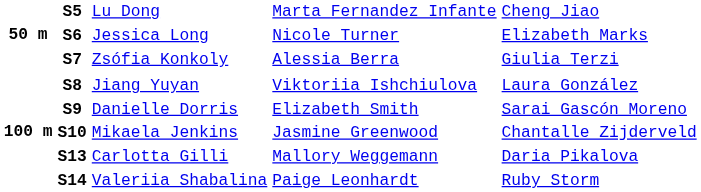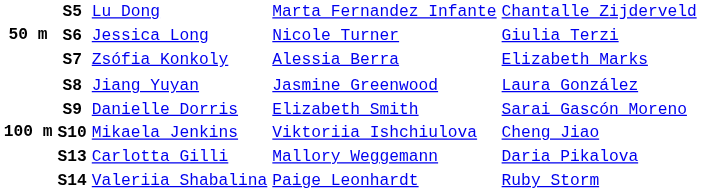 <table>
 <tr>
 <th rowspan="4">50 m</th>
 </tr>
 <tr>
 <th>S5</th>
 <td> <a href='#'>Lu Dong</a></td>
 <td> <a href='#'>Marta Fernandez Infante</a></td>
-<td> <a href='#'>Cheng Jiao</a></td>
+<td> <a href='#'>Chantalle Zijderveld</a></td>
 </tr>
 <tr>
 <th>S6</th>
 <td> <a href='#'>Jessica Long</a></td>
 <td> <a href='#'>Nicole Turner</a></td>
-<td> <a href='#'>Elizabeth Marks</a></td>
+<td> <a href='#'>Giulia Terzi</a></td>
 </tr>
 <tr>
 <th>S7</th>
 <td> <a href='#'>Zsófia Konkoly</a></td>
 <td> <a href='#'>Alessia Berra</a></td>
-<td> <a href='#'>Giulia Terzi</a></td>
+<td> <a href='#'>Elizabeth Marks</a></td>
 </tr>
 <tr>
 <th rowspan="6">100 m</th>
 </tr>
 <tr>
 <th>S8</th>
 <td> <a href='#'>Jiang Yuyan</a></td>
-<td> <a href='#'>Viktoriia Ishchiulova</a></td>
+<td> <a href='#'>Jasmine Greenwood</a></td>
 <td> <a href='#'>Laura González</a></td>
 </tr>
 <tr>
 <th>S9</th>
 <td> <a href='#'>Danielle Dorris</a></td>
 <td> <a href='#'>Elizabeth Smith</a></td>
 <td> <a href='#'>Sarai Gascón Moreno</a></td>
 </tr>
 <tr>
 <th>S10</th>
 <td> <a href='#'>Mikaela Jenkins</a></td>
-<td> <a href='#'>Jasmine Greenwood</a></td>
-<td> <a href='#'>Chantalle Zijderveld</a></td>
+<td> <a href='#'>Viktoriia Ishchiulova</a></td>
+<td> <a href='#'>Cheng Jiao</a></td>
 </tr>
 <tr>
 <th>S13</th>
 <td> <a href='#'>Carlotta Gilli</a></td>
 <td> <a href='#'>Mallory Weggemann</a></td>
 <td> <a href='#'>Daria Pikalova</a></td>
 </tr>
 <tr>
 <th>S14</th>
 <td> <a href='#'>Valeriia Shabalina</a></td>
 <td> <a href='#'>Paige Leonhardt</a></td>
 <td> <a href='#'>Ruby Storm</a></td>
 </tr>
 </table>
